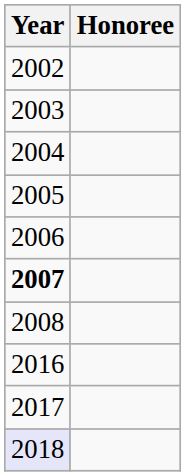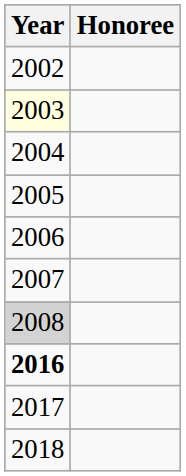 <table class="wikitable">
 <tr>
 <th>Year</th>
 <th>Honoree</th>
 </tr>
 <tr>
 <td>2002</td>
 <td></td>
 </tr>
 <tr>
-<td>2003</td>
+<td style="background: lightyellow;">2003</td>
 <td></td>
 </tr>
 <tr>
 <td>2004</td>
 <td></td>
 </tr>
 <tr>
 <td>2005</td>
 <td></td>
 </tr>
 <tr>
 <td>2006</td>
 <td></td>
 </tr>
 <tr>
-<td><strong>2007</strong></td>
+<td>2007</td>
 <td></td>
 </tr>
 <tr>
-<td>2008</td>
+<td style="background: lightgrey;">2008</td>
 <td></td>
 </tr>
 <tr>
-<td>2016</td>
+<td><strong>2016</strong></td>
 <td></td>
 </tr>
 <tr>
 <td>2017</td>
 <td></td>
 </tr>
 <tr>
-<td style="background: lavender;">2018</td>
+<td>2018</td>
 <td></td>
 </tr>
 </table>
